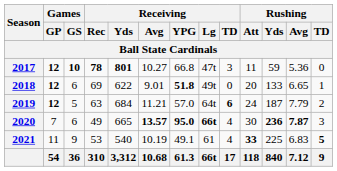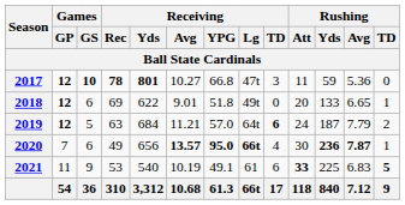 <table class="wikitable" style="text-align:center;">
 <tr>
 <th rowspan="2">Season</th>
 <th colspan="2">Games</th>
 <th colspan="6">Receiving</th>
 <th colspan="5">Rushing</th>
 </tr>
 <tr>
 <th>GP</th>
 <th>GS</th>
 <th>Rec</th>
 <th>Yds</th>
 <th>Avg</th>
 <th>YPG</th>
 <th>Lg</th>
 <th>TD</th>
 <th>Att</th>
 <th>Yds</th>
 <th>Avg</th>
 <th>TD</th>
 </tr>
 <tr>
 <th colspan="15">Ball State Cardinals</th>
 </tr>
 <tr>
 <th><a href='#'>2017</a></th>
 <td><strong>12</strong></td>
 <td><strong>10</strong></td>
 <td><strong>78</strong></td>
 <td><strong>801</strong></td>
 <td>10.27</td>
 <td>66.8</td>
 <td>47t</td>
 <td>3</td>
 <td>11</td>
 <td>59</td>
 <td>5.36</td>
 <td>0</td>
 </tr>
 <tr>
 <th><a href='#'>2018</a></th>
 <td><strong>12</strong></td>
 <td>6</td>
 <td>69</td>
 <td>622</td>
 <td>9.01</td>
-<td><strong>51.8</strong></td>
+<td>51.8</td>
 <td>49t</td>
 <td>0</td>
 <td>20</td>
 <td>133</td>
 <td>6.65</td>
 <td>1</td>
 </tr>
 <tr>
 <th><a href='#'>2019</a></th>
 <td><strong>12</strong></td>
 <td>5</td>
 <td>63</td>
 <td>684</td>
 <td>11.21</td>
 <td>57.0</td>
 <td>64t</td>
 <td><strong>6</strong></td>
 <td>24</td>
 <td>187</td>
 <td>7.79</td>
 <td>2</td>
 </tr>
 <tr>
 <th><a href='#'>2020</a></th>
 <td>7</td>
 <td>6</td>
 <td>49</td>
-<td>665</td>
+<td>656</td>
 <td><strong>13.57</strong></td>
 <td><strong>95.0</strong></td>
 <td><strong>66t</strong></td>
 <td>4</td>
 <td>30</td>
 <td><strong>236</strong></td>
 <td><strong>7.87</strong></td>
-<td>3</td>
+<td>1</td>
 </tr>
 <tr>
 <th><a href='#'>2021</a></th>
 <td>11</td>
 <td>9</td>
 <td>53</td>
 <td>540</td>
 <td>10.19</td>
 <td>49.1</td>
 <td>61</td>
-<td>4</td>
+<td>6</td>
 <td><strong>33</strong></td>
 <td>225</td>
 <td>6.83</td>
 <td><strong>5</strong></td>
 </tr>
 <tr>
 <th></th>
 <th>54</th>
 <th>36</th>
 <th>310</th>
 <th>3,312</th>
 <th>10.68</th>
 <th>61.3</th>
 <th>66t</th>
 <th>17</th>
 <th>118</th>
 <th>840</th>
 <th>7.12</th>
 <th>9</th>
 </tr>
 </table>
